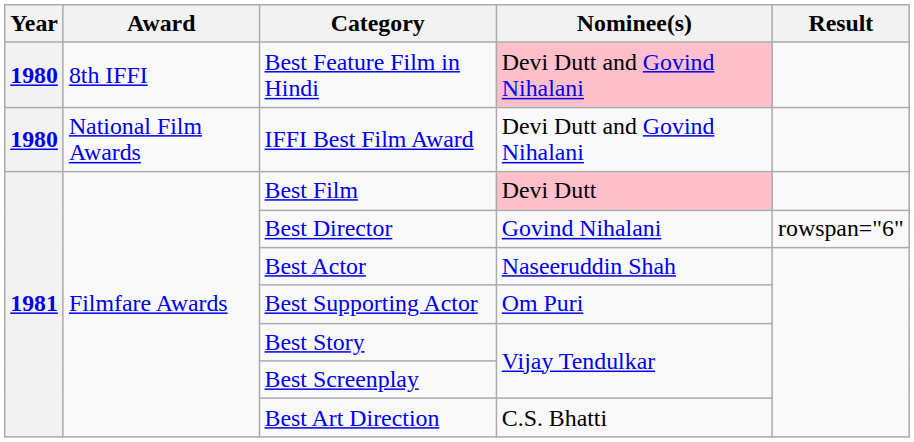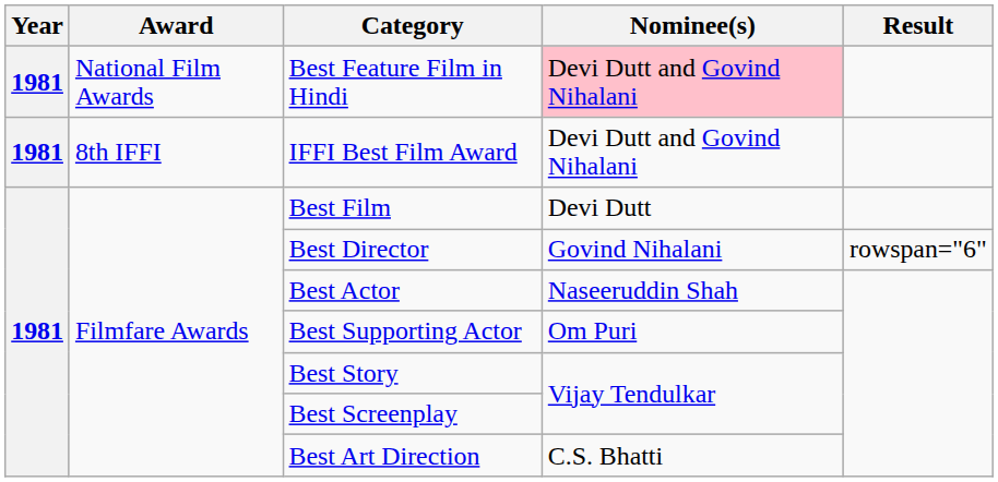 <table class="wikitable plainrowheaders sortable">
 <tr>
 <th>Year</th>
 <th>Award</th>
 <th>Category</th>
 <th>Nominee(s)</th>
 <th>Result</th>
 </tr>
 <tr>
-<th><a href='#'>1980</a></th>
-<td><a href='#'>8th IFFI</a></td>
+<th><a href='#'>1981</a></th>
+<td><a href='#'>National Film Awards</a></td>
 <td><a href='#'>Best Feature Film in Hindi</a></td>
 <td style="background: pink;">Devi Dutt and <a href='#'>Govind Nihalani</a></td>
 <td></td>
 </tr>
 <tr>
-<th><a href='#'>1980</a></th>
-<td><a href='#'>National Film Awards</a></td>
+<th><a href='#'>1981</a></th>
+<td><a href='#'>8th IFFI</a></td>
 <td><a href='#'>IFFI Best Film Award</a></td>
 <td>Devi Dutt and <a href='#'>Govind Nihalani</a></td>
 <td></td>
 </tr>
 <tr>
 <th rowspan="7"><a href='#'>1981</a></th>
 <td rowspan="7"><a href='#'>Filmfare Awards</a></td>
 <td><a href='#'>Best Film</a></td>
-<td style="background: pink;">Devi Dutt</td>
+<td>Devi Dutt</td>
 <td></td>
 </tr>
 <tr>
 <td><a href='#'>Best Director</a></td>
 <td><a href='#'>Govind Nihalani</a></td>
 <td>rowspan="6"</td>
 </tr>
 <tr>
 <td><a href='#'>Best Actor</a></td>
 <td><a href='#'>Naseeruddin Shah</a></td>
 </tr>
 <tr>
 <td><a href='#'>Best Supporting Actor</a></td>
 <td><a href='#'>Om Puri</a></td>
 </tr>
 <tr>
 <td><a href='#'>Best Story</a></td>
 <td rowspan="2"><a href='#'>Vijay Tendulkar</a></td>
 </tr>
 <tr>
 <td><a href='#'>Best Screenplay</a></td>
 </tr>
 <tr>
 <td><a href='#'>Best Art Direction</a></td>
 <td>C.S. Bhatti</td>
 </tr>
 </table>
